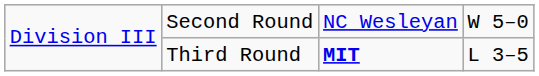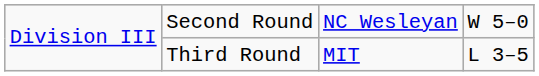 <table class="wikitable">
 <tr>
 <td rowspan="5"><a href='#'>Division III</a></td>
 <td>Second Round</td>
 <td><a href='#'>NC Wesleyan</a></td>
 <td>W 5–0</td>
 </tr>
 <tr>
 <td>Third Round</td>
-<td><strong><a href='#'>MIT</a></strong></td>
+<td><a href='#'>MIT</a></td>
 <td>L 3–5</td>
 </tr>
 </table>
